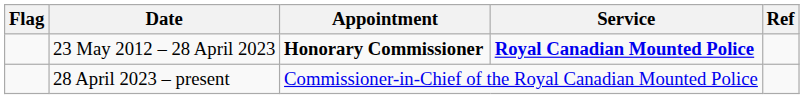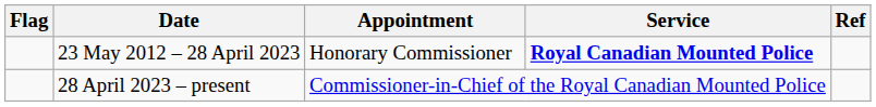 <table class="wikitable">
 <tr>
 <th>Flag</th>
 <th>Date</th>
 <th>Appointment</th>
 <th>Service</th>
 <th>Ref</th>
 </tr>
 <tr>
 <td></td>
 <td>23 May 2012 – 28 April 2023</td>
-<td><strong>Honorary Commissioner</strong></td>
+<td>Honorary Commissioner</td>
 <td><strong><a href='#'>Royal Canadian Mounted Police</a></strong></td>
 <td></td>
 </tr>
 <tr>
 <td></td>
 <td>28 April 2023 – present</td>
 <td colspan="2"><a href='#'>Commissioner-in-Chief of the Royal Canadian Mounted Police</a></td>
 <td></td>
 </tr>
 </table>
